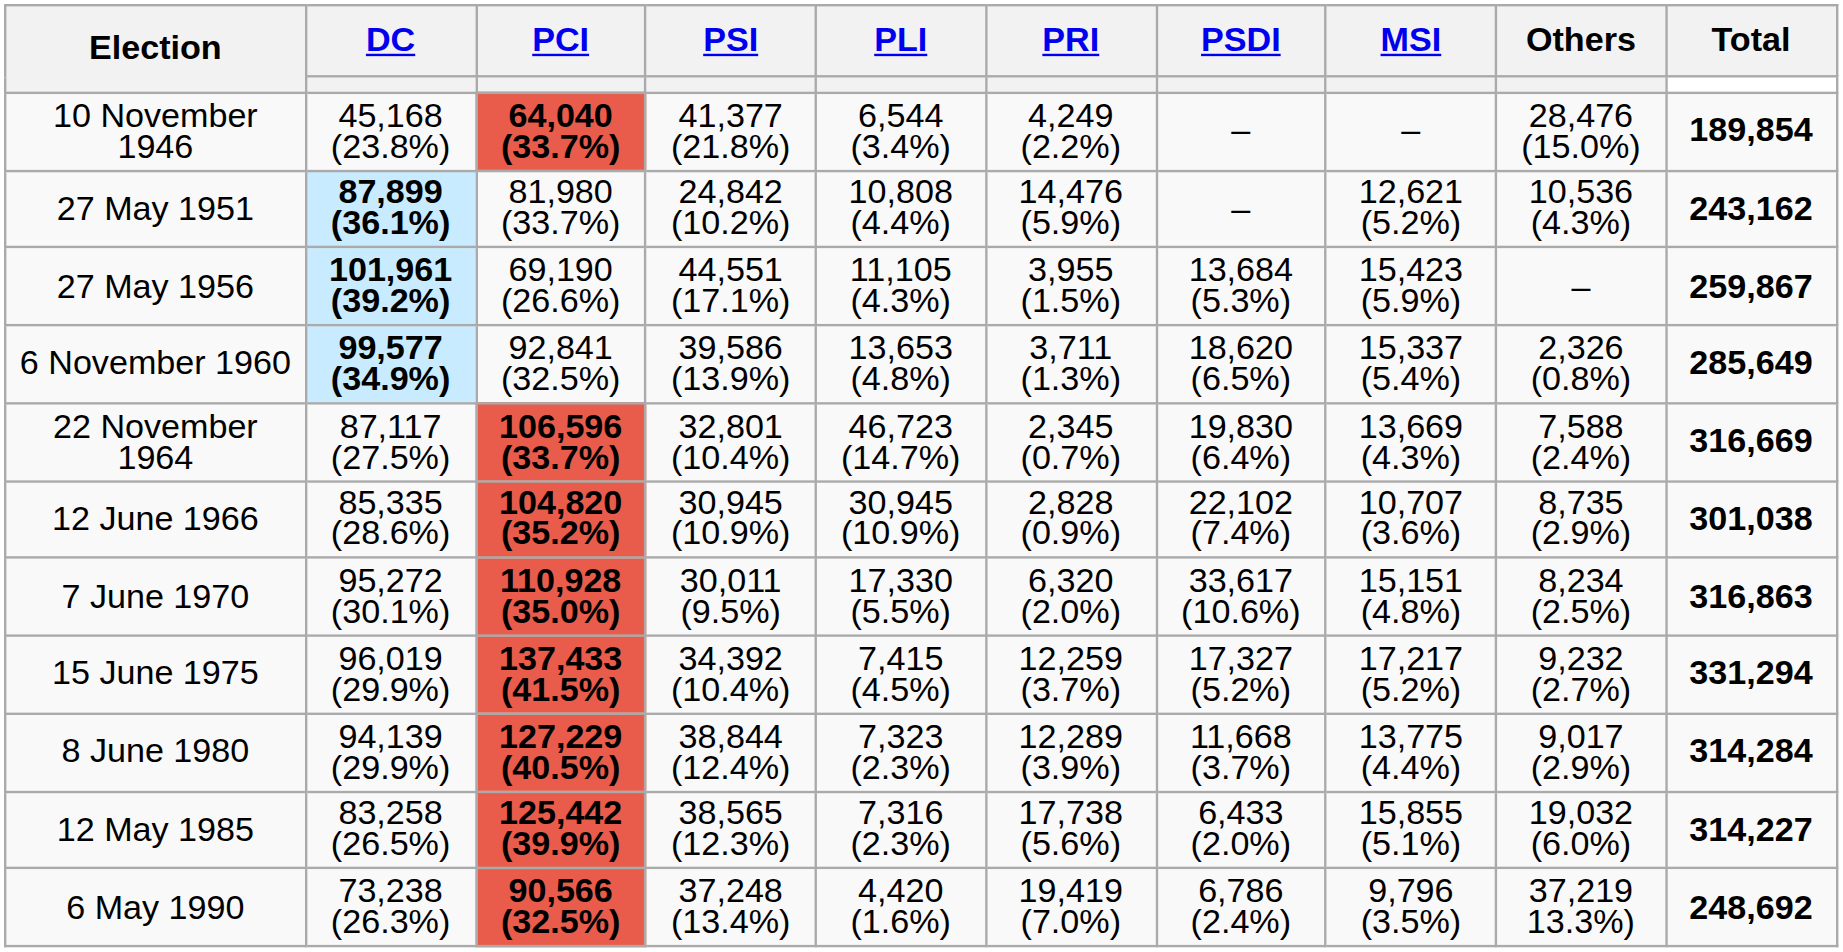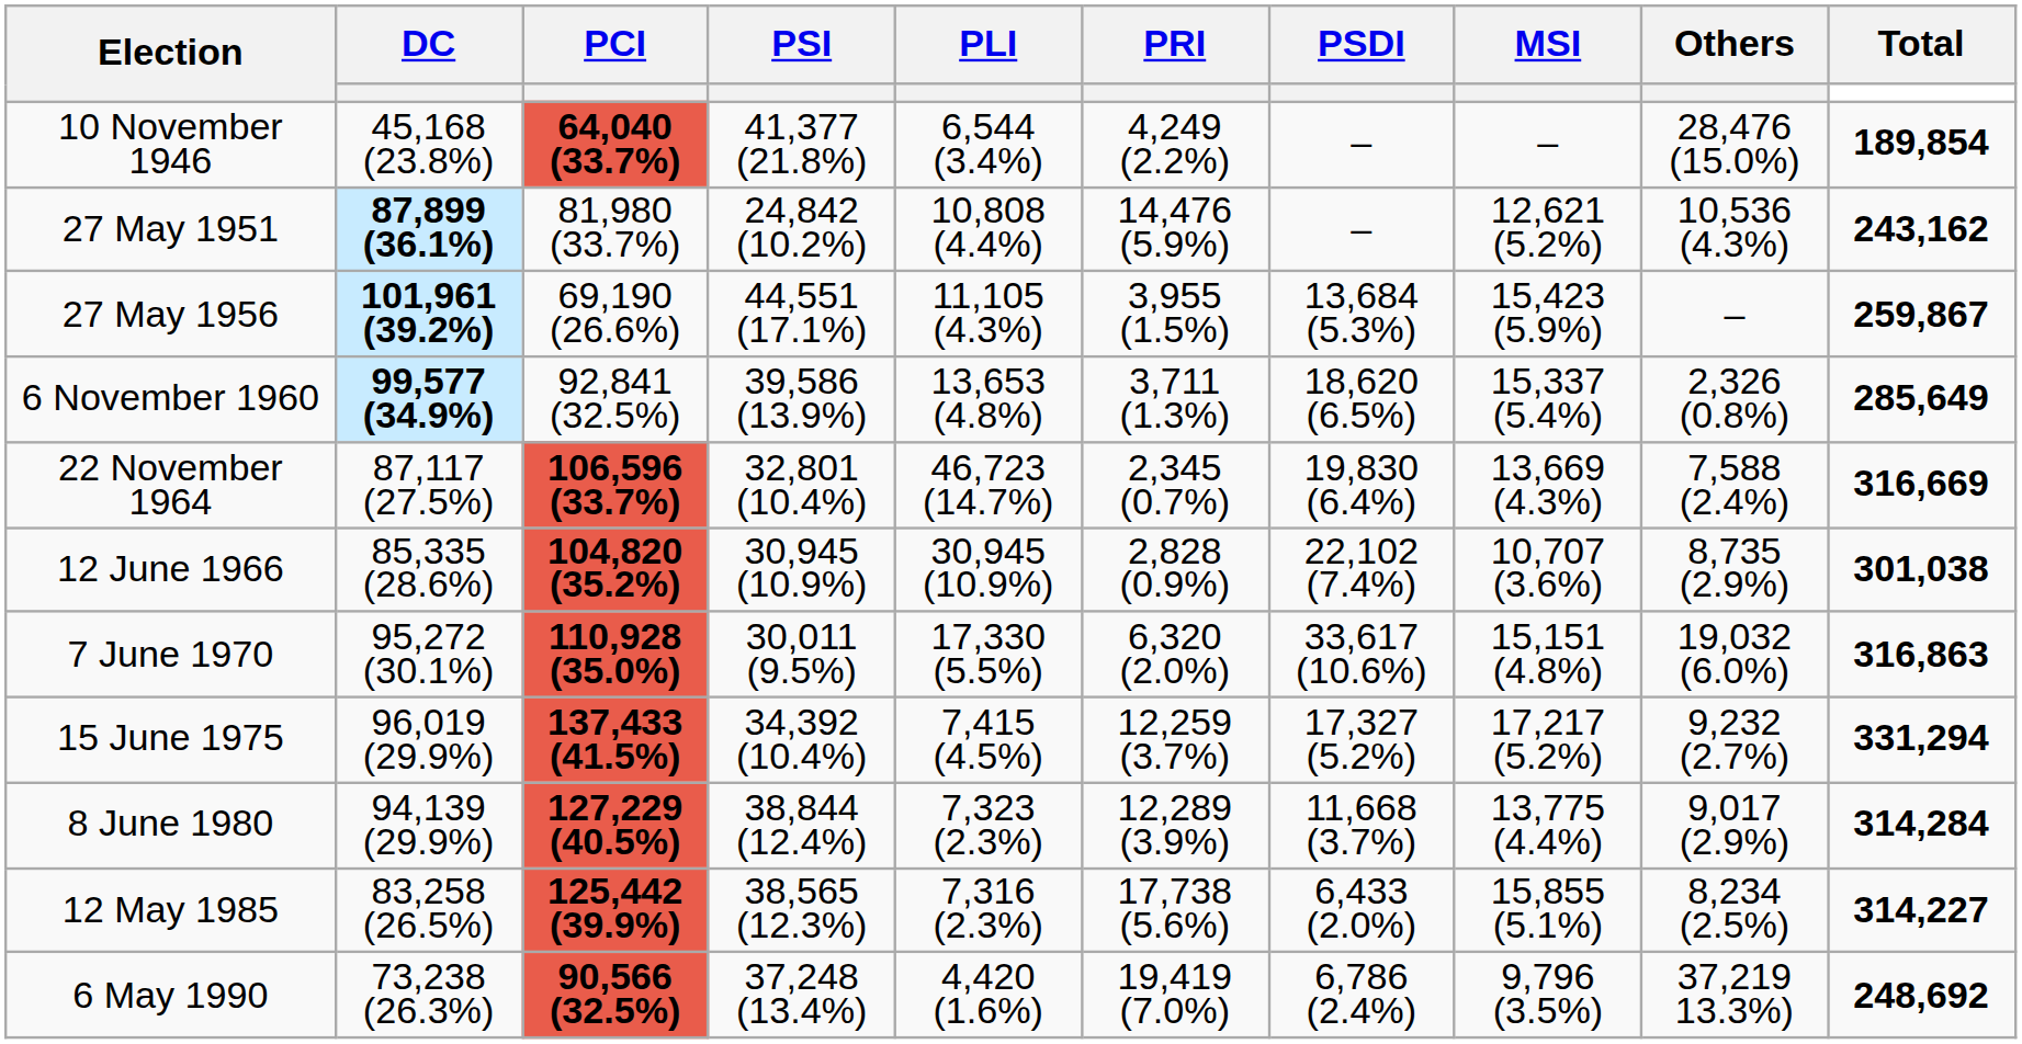 <table class="wikitable" style="text-align:center;font-size:90%;line-height:13px">
 <tr style="height:30px; background-color:#E9E9E9">
 <th style="width:120px;" rowspan="2">Election</th>
 <th style="width:65px;"><a href='#'>DC</a></th>
 <th style="width:65px;"><a href='#'>PCI</a></th>
 <th style="width:65px;"><a href='#'>PSI</a></th>
 <th style="width:65px;"><a href='#'>PLI</a></th>
 <th style="width:65px;"><a href='#'>PRI</a></th>
 <th style="width:65px;"><a href='#'>PSDI</a></th>
 <th style="width:65px;"><a href='#'>MSI</a></th>
 <th style="width:65px;">Others</th>
 <th style="width:65px;">Total</th>
 </tr>
 <tr>
 <th style="background:"></th>
 <th style="background:"></th>
 <th style="background:"></th>
 <th style="background:"></th>
 <th style="background:"></th>
 <th style="background:"></th>
 <th style="background:"></th>
 <th style="background:"></th>
 <th style="background:white;"></th>
 </tr>
 <tr>
 <td>10 November 1946</td>
 <td>45,168<br>(23.8%)</td>
 <td style="background:#E95C4B"><strong>64,040 <br>(33.7%)</strong></td>
 <td>41,377 <br>(21.8%)</td>
 <td>6,544 <br>(3.4%)</td>
 <td>4,249 <br>(2.2%)</td>
 <td>–</td>
 <td>–</td>
 <td>28,476 <br>(15.0%)</td>
 <td><strong>189,854</strong></td>
 </tr>
 <tr>
 <td>27 May 1951</td>
 <td style="background:#C8EBFF"><strong>87,899 <br>(36.1%)</strong></td>
 <td>81,980 <br>(33.7%)</td>
 <td>24,842 <br>(10.2%)</td>
 <td>10,808 <br>(4.4%)</td>
 <td>14,476 <br>(5.9%)</td>
 <td>–</td>
 <td>12,621 <br>(5.2%)</td>
 <td>10,536 <br>(4.3%)</td>
 <td><strong>243,162</strong></td>
 </tr>
 <tr>
 <td>27 May 1956</td>
 <td style="background:#C8EBFF"><strong>101,961 <br>(39.2%)</strong></td>
 <td>69,190 <br>(26.6%)</td>
 <td>44,551 <br>(17.1%)</td>
 <td>11,105 <br>(4.3%)</td>
 <td>3,955 <br>(1.5%)</td>
 <td>13,684 <br>(5.3%)</td>
 <td>15,423 <br>(5.9%)</td>
 <td>–</td>
 <td><strong>259,867</strong></td>
 </tr>
 <tr>
 <td>6 November 1960</td>
 <td style="background:#C8EBFF"><strong>99,577 <br>(34.9%)</strong></td>
 <td>92,841 <br>(32.5%)</td>
 <td>39,586 <br>(13.9%)</td>
 <td>13,653 <br>(4.8%)</td>
 <td>3,711 <br>(1.3%)</td>
 <td>18,620 <br>(6.5%)</td>
 <td>15,337 <br>(5.4%)</td>
 <td>2,326 <br>(0.8%)</td>
 <td><strong>285,649</strong></td>
 </tr>
 <tr>
 <td>22 November 1964</td>
 <td>87,117 <br>(27.5%)</td>
 <td style="background:#E95C4B"><strong>106,596 <br>(33.7%)</strong></td>
 <td>32,801 <br>(10.4%)</td>
 <td>46,723 <br>(14.7%)</td>
 <td>2,345 <br>(0.7%)</td>
 <td>19,830 <br>(6.4%)</td>
 <td>13,669 <br>(4.3%)</td>
 <td>7,588 <br>(2.4%)</td>
 <td><strong>316,669</strong></td>
 </tr>
 <tr>
 <td>12 June 1966</td>
 <td>85,335 <br>(28.6%)</td>
 <td style="background:#E95C4B"><strong>104,820 <br>(35.2%)</strong></td>
 <td>30,945 <br>(10.9%)</td>
 <td>30,945 <br>(10.9%)</td>
 <td>2,828 <br>(0.9%)</td>
 <td>22,102 <br>(7.4%)</td>
 <td>10,707 <br>(3.6%)</td>
 <td>8,735 <br>(2.9%)</td>
 <td><strong>301,038</strong></td>
 </tr>
 <tr>
 <td>7 June 1970</td>
 <td>95,272 <br>(30.1%)</td>
 <td style="background:#E95C4B"><strong>110,928 <br>(35.0%)</strong></td>
 <td>30,011 <br>(9.5%)</td>
 <td>17,330 <br>(5.5%)</td>
 <td>6,320 <br>(2.0%)</td>
 <td>33,617 <br>(10.6%)</td>
 <td>15,151 <br>(4.8%)</td>
-<td>8,234 <br>(2.5%)</td>
+<td>19,032 <br>(6.0%)</td>
 <td><strong>316,863</strong></td>
 </tr>
 <tr>
 <td>15 June 1975</td>
 <td>96,019 <br>(29.9%)</td>
 <td style="background:#E95C4B"><strong>137,433 <br>(41.5%)</strong></td>
 <td>34,392 <br>(10.4%)</td>
 <td>7,415 <br>(4.5%)</td>
 <td>12,259 <br>(3.7%)</td>
 <td>17,327 <br>(5.2%)</td>
 <td>17,217 <br>(5.2%)</td>
 <td>9,232 <br>(2.7%)</td>
 <td><strong>331,294</strong></td>
 </tr>
 <tr>
 <td>8 June 1980</td>
 <td>94,139 <br>(29.9%)</td>
 <td style="background:#E95C4B"><strong>127,229 <br>(40.5%)</strong></td>
 <td>38,844 <br>(12.4%)</td>
 <td>7,323 <br>(2.3%)</td>
 <td>12,289 <br>(3.9%)</td>
 <td>11,668 <br>(3.7%)</td>
 <td>13,775 <br>(4.4%)</td>
 <td>9,017 <br>(2.9%)</td>
 <td><strong>314,284</strong></td>
 </tr>
 <tr>
 <td>12 May 1985</td>
 <td>83,258 <br>(26.5%)</td>
 <td style="background:#E95C4B"><strong>125,442 <br>(39.9%)</strong></td>
 <td>38,565 <br>(12.3%)</td>
 <td>7,316 <br>(2.3%)</td>
 <td>17,738 <br>(5.6%)</td>
 <td>6,433 <br>(2.0%)</td>
 <td>15,855 <br>(5.1%)</td>
-<td>19,032 <br>(6.0%)</td>
+<td>8,234 <br>(2.5%)</td>
 <td><strong>314,227</strong></td>
 </tr>
 <tr>
 <td>6 May 1990</td>
 <td>73,238 <br>(26.3%)</td>
 <td style="background:#E95C4B"><strong>90,566 <br>(32.5%)</strong></td>
 <td>37,248 <br>(13.4%)</td>
 <td>4,420 <br>(1.6%)</td>
 <td>19,419 <br>(7.0%)</td>
 <td>6,786 <br>(2.4%)</td>
 <td>9,796 <br>(3.5%)</td>
 <td>37,219 <br>13.3%)</td>
 <td><strong>248,692</strong></td>
 </tr>
 </table>
